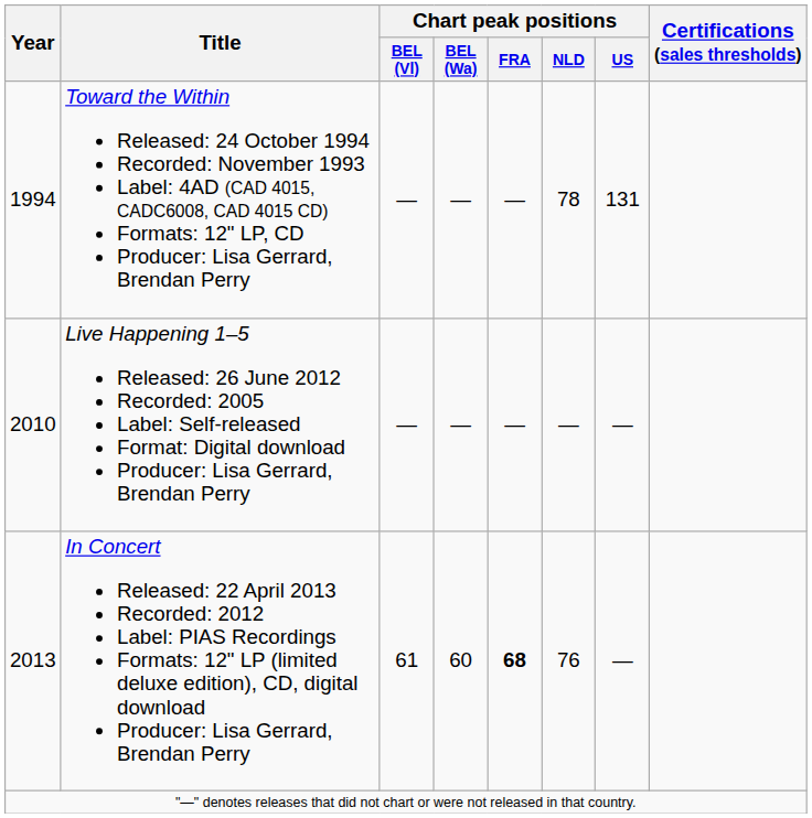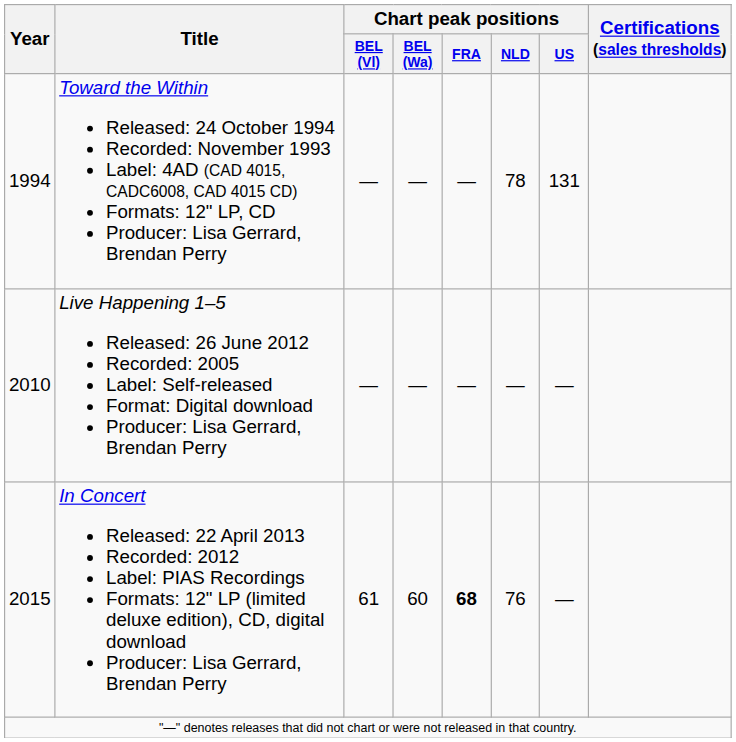 <table class="wikitable">
 <tr>
 <th rowspan="2" style="width:33px;">Year</th>
 <th rowspan="2" style="width:240px;">Title</th>
 <th colspan="5">Chart peak positions</th>
 <th rowspan="2"><a href='#'>Certifications</a><br><small>(<a href='#'>sales thresholds</a>)</small></th>
 </tr>
 <tr>
 <th style="width:3em;font-size:75%"><a href='#'>BEL <br>(Vl)</a><br></th>
 <th style="width:3em;font-size:75%"><a href='#'>BEL <br>(Wa)</a><br></th>
 <th style="width:3em;font-size:75%"><a href='#'>FRA</a><br></th>
 <th style="width:3em;font-size:75%"><a href='#'>NLD</a><br></th>
 <th style="width:3em;font-size:75%"><a href='#'>US</a><br></th>
 </tr>
 <tr>
 <td style="text-align:center;">1994</td>
 <td><em><a href='#'>Toward the Within</a></em><br><ul><li>Released: 24 October 1994</li><li>Recorded: November 1993</li><li>Label: 4AD <small>(CAD 4015, CADC6008, CAD 4015 CD)</small></li><li>Formats: 12" LP, CD</li><li>Producer: Lisa Gerrard, Brendan Perry</li></ul></td>
 <td style="text-align:center;">—</td>
 <td style="text-align:center;">—</td>
 <td style="text-align:center;">—</td>
 <td style="text-align:center;">78</td>
 <td style="text-align:center;">131</td>
 <td></td>
 </tr>
 <tr>
 <td style="text-align:center;">2010</td>
 <td><em>Live Happening 1–5</em><br><ul><li>Released: 26 June 2012</li><li>Recorded: 2005</li><li>Label: Self-released</li><li>Format: Digital download</li><li>Producer: Lisa Gerrard, Brendan Perry</li></ul></td>
 <td style="text-align:center;">—</td>
 <td style="text-align:center;">—</td>
 <td style="text-align:center;">—</td>
 <td style="text-align:center;">—</td>
 <td style="text-align:center;">—</td>
 <td></td>
 </tr>
 <tr>
-<td style="text-align:center;">2013</td>
+<td style="text-align:center;">2015</td>
 <td><em><a href='#'>In Concert</a></em><br><ul><li>Released: 22 April 2013</li><li>Recorded: 2012</li><li>Label: PIAS Recordings</li><li>Formats: 12" LP (limited deluxe edition), CD, digital download</li><li>Producer: Lisa Gerrard, Brendan Perry</li></ul></td>
 <td style="text-align:center;">61</td>
 <td style="text-align:center;">60</td>
 <td style="text-align:center;"><strong>68</strong></td>
 <td style="text-align:center;">76</td>
 <td style="text-align:center;">—</td>
 <td></td>
 </tr>
 <tr>
 <td colspan="9" style="text-align:center; font-size:8pt;">"—" denotes releases that did not chart or were not released in that country.</td>
 </tr>
 </table>
